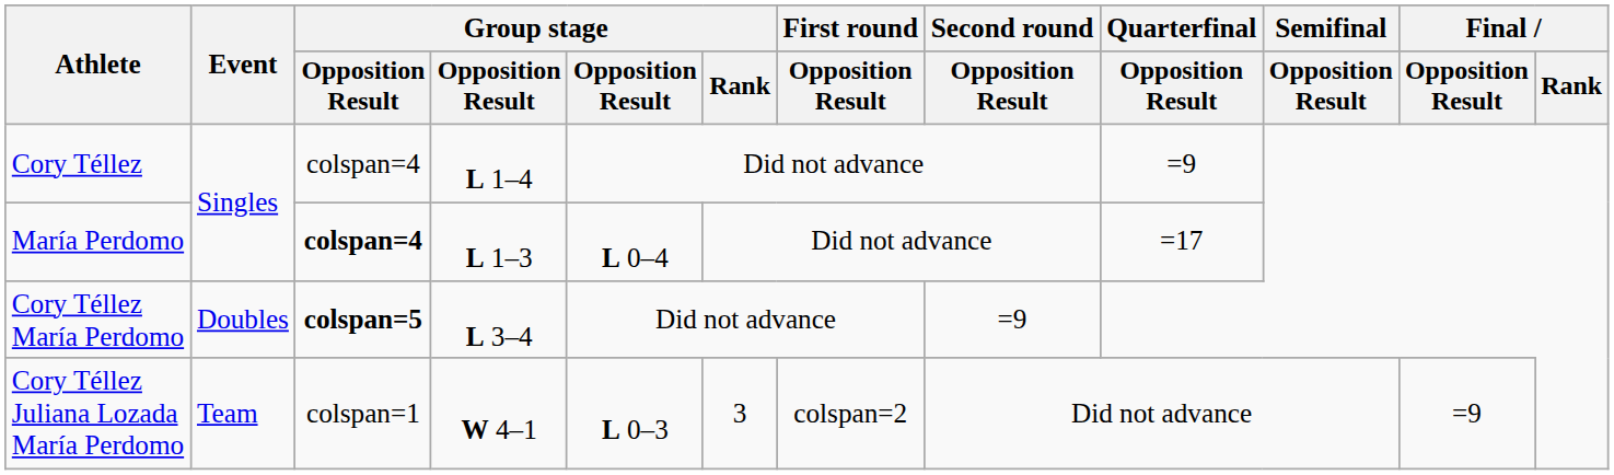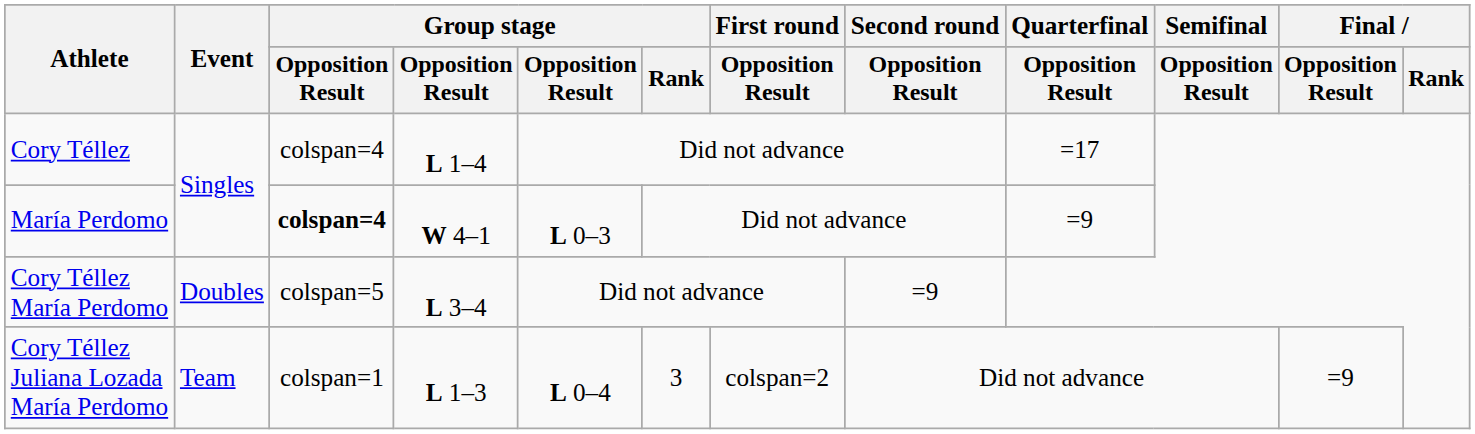 <table class=wikitable style=font-size:90%;text-align:center>
 <tr>
 <th rowspan=2>Athlete</th>
 <th rowspan=2>Event</th>
 <th colspan=4>Group stage</th>
 <th>First round</th>
 <th>Second round</th>
 <th>Quarterfinal</th>
 <th>Semifinal</th>
 <th colspan=2>Final / </th>
 </tr>
 <tr style=font-size:95%>
 <th>Opposition<br>Result</th>
 <th>Opposition<br>Result</th>
 <th>Opposition<br>Result</th>
 <th>Rank</th>
 <th>Opposition<br>Result</th>
 <th>Opposition<br>Result</th>
 <th>Opposition<br>Result</th>
 <th>Opposition<br>Result</th>
 <th>Opposition<br>Result</th>
 <th>Rank</th>
 </tr>
 <tr>
 <td align=left><a href='#'>Cory Téllez</a></td>
 <td align=left rowspan=2><a href='#'>Singles</a></td>
 <td>colspan=4 </td>
 <td><br><strong>L</strong> 1–4</td>
 <td colspan="4">Did not advance</td>
-<td>=9</td>
+<td>=17</td>
 </tr>
 <tr>
 <td align=left><a href='#'>María Perdomo</a></td>
 <td><strong>colspan=4 </strong></td>
-<td><br><strong>L</strong> 1–3</td>
-<td><br><strong>L</strong> 0–4</td>
+<td><br><strong>W</strong> 4–1</td>
+<td><br><strong>L</strong> 0–3</td>
 <td colspan="3">Did not advance</td>
-<td>=17</td>
+<td>=9</td>
 </tr>
 <tr>
 <td align=left><a href='#'>Cory Téllez</a><br><a href='#'>María Perdomo</a></td>
 <td align=left><a href='#'>Doubles</a></td>
-<td><strong>colspan=5 </strong></td>
+<td>colspan=5 </td>
 <td><br><strong>L</strong> 3–4</td>
 <td colspan="3">Did not advance</td>
 <td>=9</td>
 </tr>
 <tr>
 <td align=left><a href='#'>Cory Téllez</a><br><a href='#'>Juliana Lozada</a><br><a href='#'>María Perdomo</a></td>
 <td align=left><a href='#'>Team</a></td>
 <td>colspan=1 </td>
-<td><br><strong>W</strong> 4–1</td>
-<td><br><strong>L</strong> 0–3</td>
+<td><br><strong>L</strong> 1–3</td>
+<td><br><strong>L</strong> 0–4</td>
 <td>3</td>
 <td>colspan=2 </td>
 <td colspan="3">Did not advance</td>
 <td>=9</td>
 </tr>
 </table>
